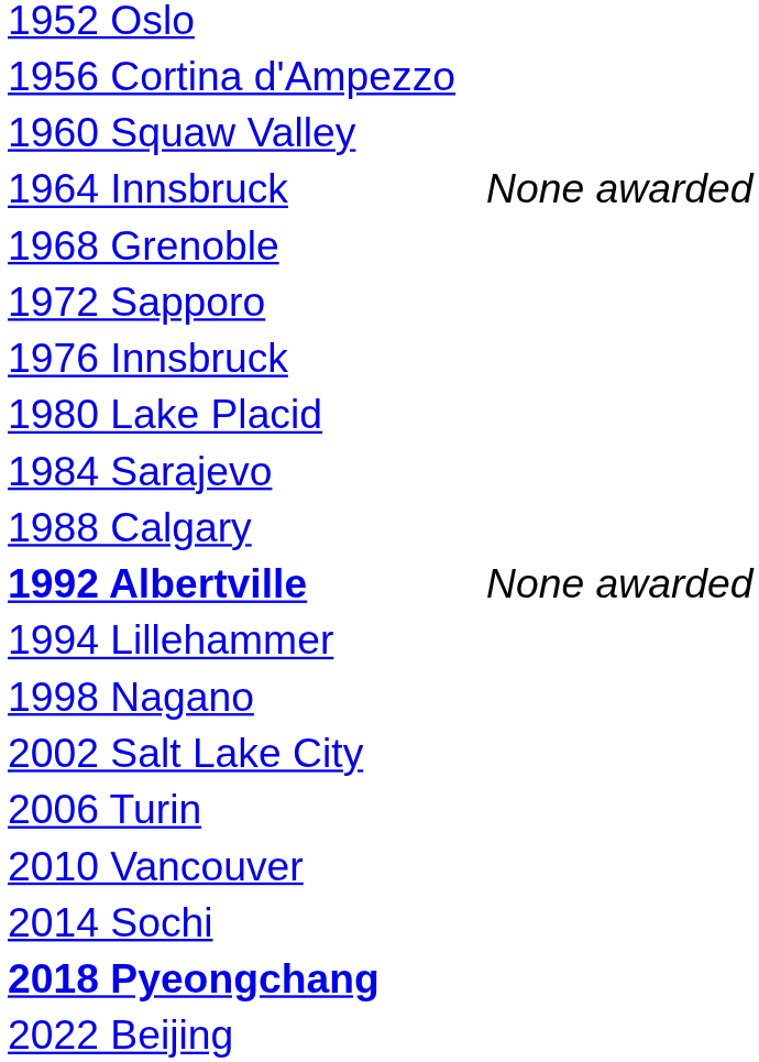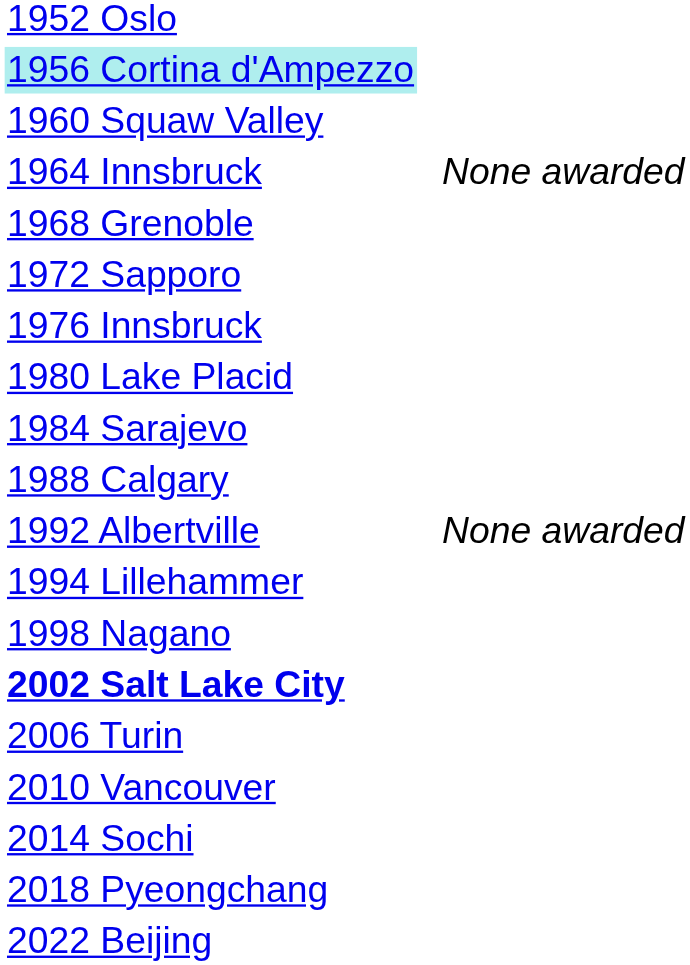 <table>
 <tr>
 <td><a href='#'>1952 Oslo</a><br></td>
 <td></td>
 <td></td>
 <td></td>
 </tr>
 <tr>
-<td><a href='#'>1956 Cortina d'Ampezzo</a><br></td>
+<td style="background: paleturquoise;"><a href='#'>1956 Cortina d'Ampezzo</a><br></td>
 <td></td>
 <td></td>
 <td></td>
 </tr>
 <tr>
 <td><a href='#'>1960 Squaw Valley</a><br></td>
 <td></td>
 <td></td>
 <td></td>
 </tr>
 <tr valign="top">
 <td><a href='#'>1964 Innsbruck</a><br></td>
 <td></td>
 <td><br></td>
 <td colspan="2" align="center"><em>None awarded</em></td>
 </tr>
 <tr>
 <td><a href='#'>1968 Grenoble</a><br></td>
 <td></td>
 <td></td>
 <td></td>
 </tr>
 <tr>
 <td><a href='#'>1972 Sapporo</a><br></td>
 <td></td>
 <td></td>
 <td></td>
 </tr>
 <tr>
 <td><a href='#'>1976 Innsbruck</a><br></td>
 <td></td>
 <td></td>
 <td></td>
 </tr>
 <tr>
 <td><a href='#'>1980 Lake Placid</a><br></td>
 <td></td>
 <td></td>
 <td></td>
 </tr>
 <tr>
 <td><a href='#'>1984 Sarajevo</a><br></td>
 <td></td>
 <td></td>
 <td></td>
 </tr>
 <tr>
 <td><a href='#'>1988 Calgary</a><br></td>
 <td></td>
 <td></td>
 <td></td>
 </tr>
 <tr valign="top">
-<td><strong><a href='#'>1992 Albertville</a><br></strong></td>
+<td><a href='#'>1992 Albertville</a><br></td>
 <td></td>
 <td><br></td>
 <td colspan="2" align="center"><em>None awarded</em></td>
 </tr>
 <tr>
 <td><a href='#'>1994 Lillehammer</a><br></td>
 <td></td>
 <td></td>
 <td></td>
 </tr>
 <tr>
 <td><a href='#'>1998 Nagano</a><br></td>
 <td></td>
 <td></td>
 <td></td>
 </tr>
 <tr>
-<td><a href='#'>2002 Salt Lake City</a><br></td>
+<td><strong><a href='#'>2002 Salt Lake City</a><br></strong></td>
 <td></td>
 <td></td>
 <td></td>
 </tr>
 <tr>
 <td><a href='#'>2006 Turin</a><br></td>
 <td></td>
 <td></td>
 <td></td>
 </tr>
 <tr>
 <td><a href='#'>2010 Vancouver</a><br></td>
 <td></td>
 <td></td>
 <td></td>
 </tr>
 <tr>
 <td><a href='#'>2014 Sochi</a><br></td>
 <td></td>
 <td></td>
 <td></td>
 </tr>
 <tr>
-<td><strong><a href='#'>2018 Pyeongchang</a><br></strong></td>
+<td><a href='#'>2018 Pyeongchang</a><br></td>
 <td></td>
 <td></td>
 <td></td>
 </tr>
 <tr>
 <td><a href='#'>2022 Beijing</a> <br></td>
 <td></td>
 <td></td>
 <td></td>
 </tr>
 <tr>
 </tr>
 </table>
